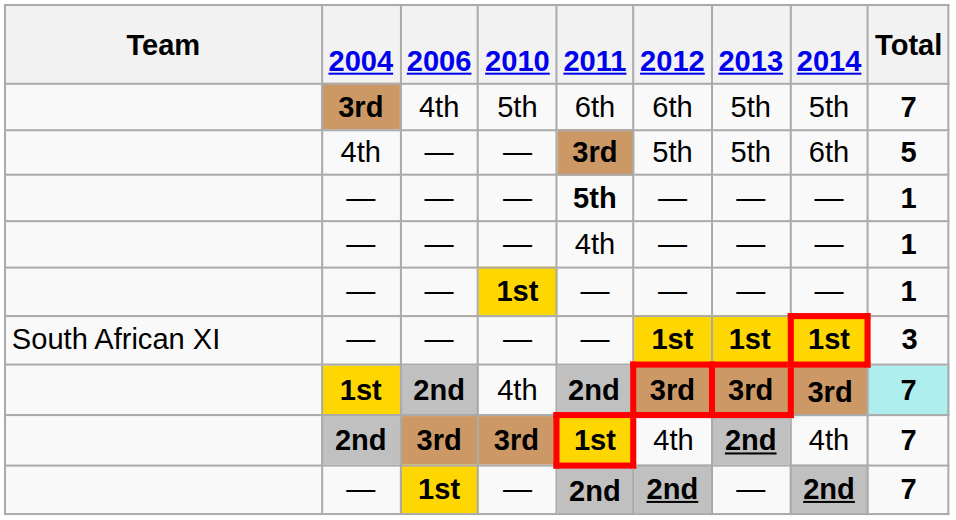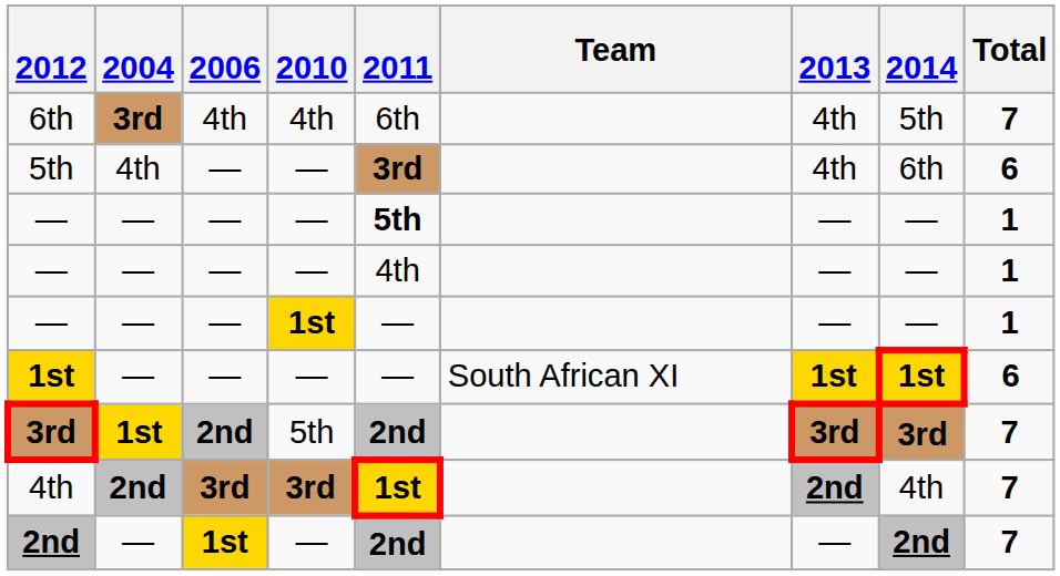 <table class="wikitable" style="text-align:center; font-size:90%">
 <tr>
-<th width=150>Team</th>
+<th><br><a href='#'>2012</a></th>
 <th><br><a href='#'>2004</a></th>
 <th><br><a href='#'>2006</a></th>
 <th><br><a href='#'>2010</a></th>
 <th><br><a href='#'>2011</a></th>
-<th><br><a href='#'>2012</a></th>
+<th width=150>Team</th>
 <th><br><a href='#'>2013</a></th>
 <th><br><a href='#'>2014</a></th>
 <th>Total</th>
 </tr>
 <tr>
-<td align=left></td>
+<td>6th</td>
 <td bgcolor=#cc9966><strong>3rd</strong></td>
 <td>4th</td>
-<td>5th</td>
+<td>4th</td>
 <td>6th</td>
-<td>6th</td>
-<td>5th</td>
+<td align=left></td>
+<td>4th</td>
 <td>5th</td>
 <td><strong>7</strong></td>
 </tr>
 <tr>
-<td align=left></td>
+<td>5th</td>
 <td>4th</td>
 <td>—</td>
 <td>—</td>
 <td bgcolor=#cc9966><strong>3rd</strong></td>
-<td>5th</td>
-<td>5th</td>
+<td align=left></td>
+<td>4th</td>
 <td>6th</td>
-<td><strong>5</strong></td>
+<td><strong>6</strong></td>
 </tr>
 <tr>
-<td align=left></td>
+<td>—</td>
 <td>—</td>
 <td>—</td>
 <td>—</td>
 <td><strong>5th</strong></td>
-<td>—</td>
+<td align=left></td>
 <td>—</td>
 <td>—</td>
 <td><strong>1</strong></td>
 </tr>
 <tr>
-<td align=left></td>
+<td>—</td>
 <td>—</td>
 <td>—</td>
 <td>—</td>
 <td>4th</td>
-<td>—</td>
+<td align=left></td>
 <td>—</td>
 <td>—</td>
 <td><strong>1</strong></td>
 </tr>
 <tr>
+<td>—</td>
+<td>—</td>
+<td>—</td>
+<td bgcolor=Gold><strong>1st</strong></td>
+<td>—</td>
 <td align=left></td>
 <td>—</td>
 <td>—</td>
+<td><strong>1</strong></td>
+</tr>
+<tr>
 <td bgcolor=Gold><strong>1st</strong></td>
 <td>—</td>
 <td>—</td>
 <td>—</td>
 <td>—</td>
-<td><strong>1</strong></td>
+<td align=left> South African XI</td>
+<td bgcolor=Gold><strong>1st</strong></td>
+<td style="border: 3px solid red" bgcolor=Gold><strong>1st</strong></td>
+<td><strong>6</strong></td>
 </tr>
 <tr>
-<td align=left> South African XI</td>
-<td>—</td>
-<td>—</td>
-<td>—</td>
-<td>—</td>
+<td style="border: 3px solid red" bgcolor=#cc9966><strong>3rd</strong></td>
 <td bgcolor=Gold><strong>1st</strong></td>
-<td bgcolor=Gold><strong>1st</strong></td>
-<td style="border: 3px solid red" bgcolor=Gold><strong>1st</strong></td>
-<td><strong>3</strong></td>
+<td bgcolor=Silver><strong>2nd</strong></td>
+<td>5th</td>
+<td bgcolor=Silver><strong>2nd</strong></td>
+<td align=left></td>
+<td style="border: 3px solid red" bgcolor=#cc9966><strong>3rd</strong></td>
+<td bgcolor=#cc9966><strong>3rd</strong></td>
+<td><strong>7</strong></td>
 </tr>
 <tr>
-<td align=left></td>
-<td bgcolor=Gold><strong>1st</strong></td>
-<td bgcolor=Silver><strong>2nd</strong></td>
 <td>4th</td>
-<td bgcolor=Silver><strong>2nd</strong></td>
-<td style="border: 3px solid red" bgcolor=#cc9966><strong>3rd</strong></td>
-<td style="border: 3px solid red" bgcolor=#cc9966><strong>3rd</strong></td>
-<td bgcolor=#cc9966><strong>3rd</strong></td>
-<td style="background: paleturquoise;"><strong>7</strong></td>
-</tr>
-<tr>
-<td align=left></td>
 <td bgcolor=Silver><strong>2nd</strong></td>
 <td bgcolor=#cc9966><strong>3rd</strong></td>
 <td bgcolor=#cc9966><strong>3rd</strong></td>
 <td style="border: 3px solid red" bgcolor=Gold><strong>1st</strong></td>
-<td>4th</td>
+<td align=left></td>
 <td bgcolor=Silver><u><strong>2nd</strong></u></td>
 <td>4th</td>
 <td><strong>7</strong></td>
 </tr>
 <tr>
-<td align=left></td>
+<td bgcolor=Silver><u><strong>2nd</strong></u></td>
 <td>—</td>
 <td bgcolor=Gold><strong>1st</strong></td>
 <td>—</td>
 <td bgcolor=Silver><strong>2nd</strong></td>
-<td bgcolor=Silver><u><strong>2nd</strong></u></td>
+<td align=left></td>
 <td>—</td>
 <td bgcolor=Silver><u><strong>2nd</strong></u></td>
 <td><strong>7</strong></td>
 </tr>
 </table>
